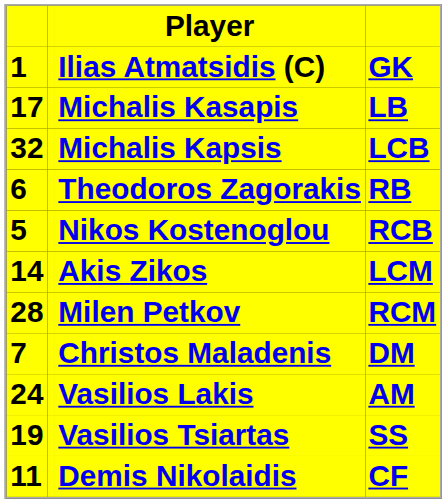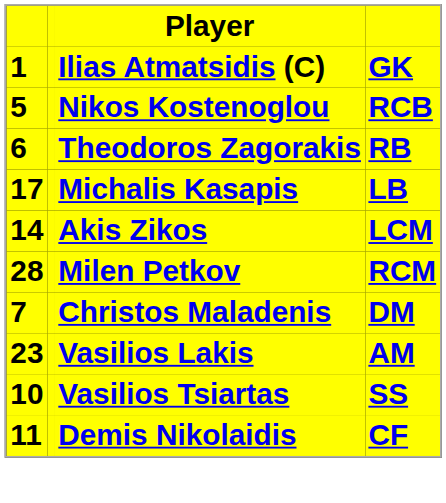 <table class="toccolours" border="0" cellpadding="2" cellspacing="0" align="center" style="margin: 0.5em 0 1em 1em; background: #000000; border: 1px #aaaaaa solid;">
 <tr bgcolor=#FFFF00>
 <th></th>
 <th></th>
 <th>Player</th>
 <th></th>
 </tr>
 <tr bgcolor=#FFFF00>
 <td><strong>1</strong></td>
 <td></td>
 <td><a href='#'><span><strong>Ilias Atmatsidis</strong></span></a> <strong>(C)</strong></td>
 <td><a href='#'><strong>GK</strong></a></td>
 </tr>
 <tr bgcolor=#FFFF00>
-<td><strong>17</strong></td>
+<td><strong>5</strong></td>
 <td></td>
-<td><a href='#'><span><strong>Michalis Kasapis</strong></span></a></td>
-<td><a href='#'><strong>LB</strong></a></td>
-</tr>
-<tr bgcolor=#FFFF00>
-<td><strong>32</strong></td>
-<td></td>
-<td><a href='#'><span><strong>Michalis Kapsis</strong></span></a></td>
-<td><a href='#'><strong>LCB</strong></a></td>
+<td><a href='#'><span><strong>Nikos Kostenoglou</strong></span></a></td>
+<td><a href='#'><strong>RCB</strong></a></td>
 </tr>
 <tr bgcolor=#FFFF00>
 <td><strong>6</strong></td>
 <td></td>
 <td><a href='#'><span><strong>Theodoros Zagorakis</strong></span></a></td>
 <td><a href='#'><strong>RB</strong></a></td>
 </tr>
 <tr bgcolor=#FFFF00>
-<td><strong>5</strong></td>
+<td><strong>17</strong></td>
 <td></td>
-<td><a href='#'><span><strong>Nikos Kostenoglou</strong></span></a></td>
-<td><a href='#'><strong>RCB</strong></a></td>
+<td><a href='#'><span><strong>Michalis Kasapis</strong></span></a></td>
+<td><a href='#'><strong>LB</strong></a></td>
 </tr>
 <tr bgcolor=#FFFF00>
 <td><strong>14</strong></td>
 <td></td>
 <td><a href='#'><span><strong>Akis Zikos</strong></span></a></td>
 <td><a href='#'><strong>LCM</strong></a></td>
 </tr>
 <tr bgcolor=#FFFF00>
 <td><strong>28</strong></td>
 <td></td>
 <td><a href='#'><span><strong>Milen Petkov</strong></span></a></td>
 <td><a href='#'><strong>RCM</strong></a></td>
 </tr>
 <tr bgcolor=#FFFF00>
 <td><strong>7</strong></td>
 <td></td>
 <td><a href='#'><span><strong>Christos Maladenis</strong></span></a></td>
 <td><a href='#'><strong>DM</strong></a></td>
 </tr>
 <tr bgcolor=#FFFF00>
-<td><strong>24</strong></td>
+<td><strong>23</strong></td>
 <td></td>
 <td><a href='#'><span><strong>Vasilios Lakis</strong></span></a></td>
 <td><a href='#'><strong>AM</strong></a></td>
 </tr>
 <tr bgcolor=#FFFF00>
-<td><strong>19</strong></td>
+<td><strong>10</strong></td>
 <td></td>
 <td><a href='#'><span><strong>Vasilios Tsiartas</strong></span></a></td>
 <td><a href='#'><strong>SS</strong></a></td>
 </tr>
 <tr bgcolor=#FFFF00>
 <td><strong>11</strong></td>
 <td></td>
 <td><a href='#'><span><strong>Demis Nikolaidis</strong></span></a></td>
 <td><a href='#'><strong>CF</strong></a></td>
 </tr>
 </table>
